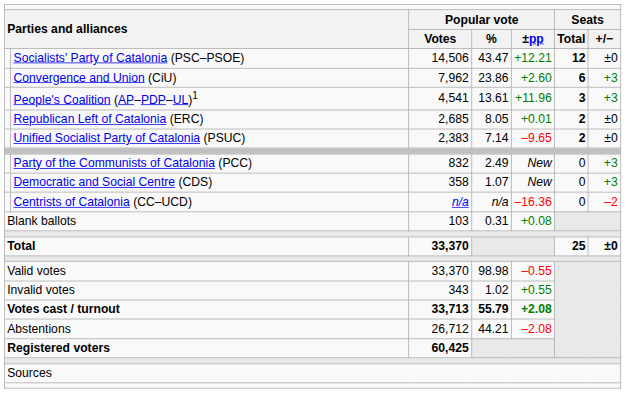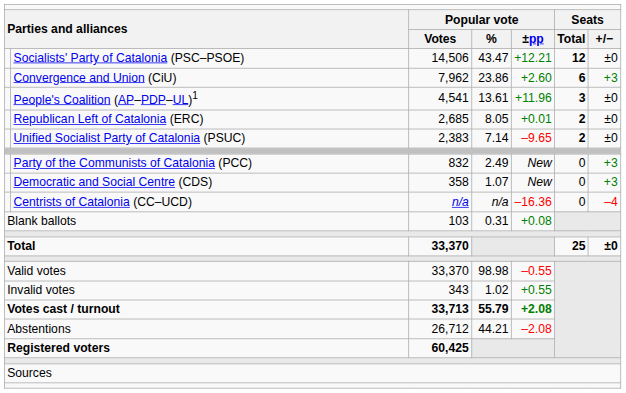 <table class="wikitable" style="text-align:right;">
 <tr>
 <td colspan="7"></td>
 </tr>
 <tr>
 <th style="text-align:left;" rowspan="2" colspan="2" width="525">Parties and alliances</th>
 <th colspan="3">Popular vote</th>
 <th colspan="2">Seats</th>
 </tr>
 <tr>
 <th width="75">Votes</th>
 <th width="45">%</th>
 <th width="45">±<a href='#'>pp</a></th>
 <th width="35">Total</th>
 <th width="35">+/−</th>
 </tr>
 <tr>
 <td width="1" style="color:inherit;background:"></td>
 <td align="left"><a href='#'>Socialists' Party of Catalonia</a> (PSC–PSOE)</td>
 <td>14,506</td>
 <td>43.47</td>
 <td style="color:green;">+12.21</td>
 <td><strong>12</strong></td>
 <td>±0</td>
 </tr>
 <tr>
 <td style="color:inherit;background:"></td>
 <td align="left"><a href='#'>Convergence and Union</a> (CiU)</td>
 <td>7,962</td>
 <td>23.86</td>
 <td style="color:green;">+2.60</td>
 <td><strong>6</strong></td>
 <td style="color:green;">+3</td>
 </tr>
 <tr>
 <td style="color:inherit;background:"></td>
 <td align="left"><a href='#'>People's Coalition</a> (<a href='#'>AP</a>–<a href='#'>PDP</a>–<a href='#'>UL</a>)<sup>1</sup></td>
 <td>4,541</td>
 <td>13.61</td>
 <td style="color:green;">+11.96</td>
 <td><strong>3</strong></td>
-<td style="color:green;">+3</td>
+<td>±0</td>
 </tr>
 <tr>
 <td style="color:inherit;background:"></td>
 <td align="left"><a href='#'>Republican Left of Catalonia</a> (ERC)</td>
 <td>2,685</td>
 <td>8.05</td>
 <td style="color:green;">+0.01</td>
 <td><strong>2</strong></td>
 <td>±0</td>
 </tr>
 <tr>
 <td style="color:inherit;background:"></td>
 <td align="left"><a href='#'>Unified Socialist Party of Catalonia</a> (PSUC)</td>
 <td>2,383</td>
 <td>7.14</td>
 <td style="color:red;">–9.65</td>
 <td><strong>2</strong></td>
 <td>±0</td>
 </tr>
 <tr>
 <td colspan="7" style="color:inherit;background:#C0C0C0"></td>
 </tr>
 <tr>
 <td style="color:inherit;background:"></td>
 <td align="left"><a href='#'>Party of the Communists of Catalonia</a> (PCC)</td>
 <td>832</td>
 <td>2.49</td>
 <td><em>New</em></td>
 <td>0</td>
 <td style="color:green;">+3</td>
 </tr>
 <tr>
 <td style="color:inherit;background:"></td>
 <td align="left"><a href='#'>Democratic and Social Centre</a> (CDS)</td>
 <td>358</td>
 <td>1.07</td>
 <td><em>New</em></td>
 <td>0</td>
 <td style="color:green;">+3</td>
 </tr>
 <tr>
 <td style="color:inherit;background:"></td>
 <td align="left"><a href='#'>Centrists of Catalonia</a> (CC–UCD)</td>
 <td><em><a href='#'>n/a</a></em></td>
 <td><em>n/a</em></td>
 <td style="color:red;">–16.36</td>
 <td>0</td>
-<td style="color:red;">–2</td>
+<td style="color:red;">–4</td>
 </tr>
 <tr>
 <td align="left" colspan="2">Blank ballots</td>
 <td>103</td>
 <td>0.31</td>
 <td style="color:green;">+0.08</td>
 <td style="color:inherit;background:#E9E9E9" colspan="2"></td>
 </tr>
 <tr>
 <td colspan="7" style="color:inherit;background:#E9E9E9"></td>
 </tr>
 <tr style="font-weight:bold;">
 <td align="left" colspan="2">Total</td>
 <td>33,370</td>
 <td bgcolor="#E9E9E9" colspan="2"></td>
 <td>25</td>
 <td>±0</td>
 </tr>
 <tr>
 <td colspan="7" style="color:inherit;background:#E9E9E9"></td>
 </tr>
 <tr>
 <td align="left" colspan="2">Valid votes</td>
 <td>33,370</td>
 <td>98.98</td>
 <td style="color:red;">–0.55</td>
 <td bgcolor="#E9E9E9" colspan="2" rowspan="5"></td>
 </tr>
 <tr>
 <td align="left" colspan="2">Invalid votes</td>
 <td>343</td>
 <td>1.02</td>
 <td style="color:green;">+0.55</td>
 </tr>
 <tr style="font-weight:bold;">
 <td align="left" colspan="2">Votes cast / turnout</td>
 <td>33,713</td>
 <td>55.79</td>
 <td style="color:green;">+2.08</td>
 </tr>
 <tr>
 <td align="left" colspan="2">Abstentions</td>
 <td>26,712</td>
 <td>44.21</td>
 <td style="color:red;">–2.08</td>
 </tr>
 <tr style="font-weight:bold;">
 <td align="left" colspan="2">Registered voters</td>
 <td>60,425</td>
 <td bgcolor="#E9E9E9" colspan="2"></td>
 </tr>
 <tr>
 <td colspan="7" style="color:inherit;background:#E9E9E9"></td>
 </tr>
 <tr>
 <td align="left" colspan="7">Sources</td>
 </tr>
 <tr>
 <td colspan="7" style="text-align:left; max-width:790px;"></td>
 </tr>
 </table>
